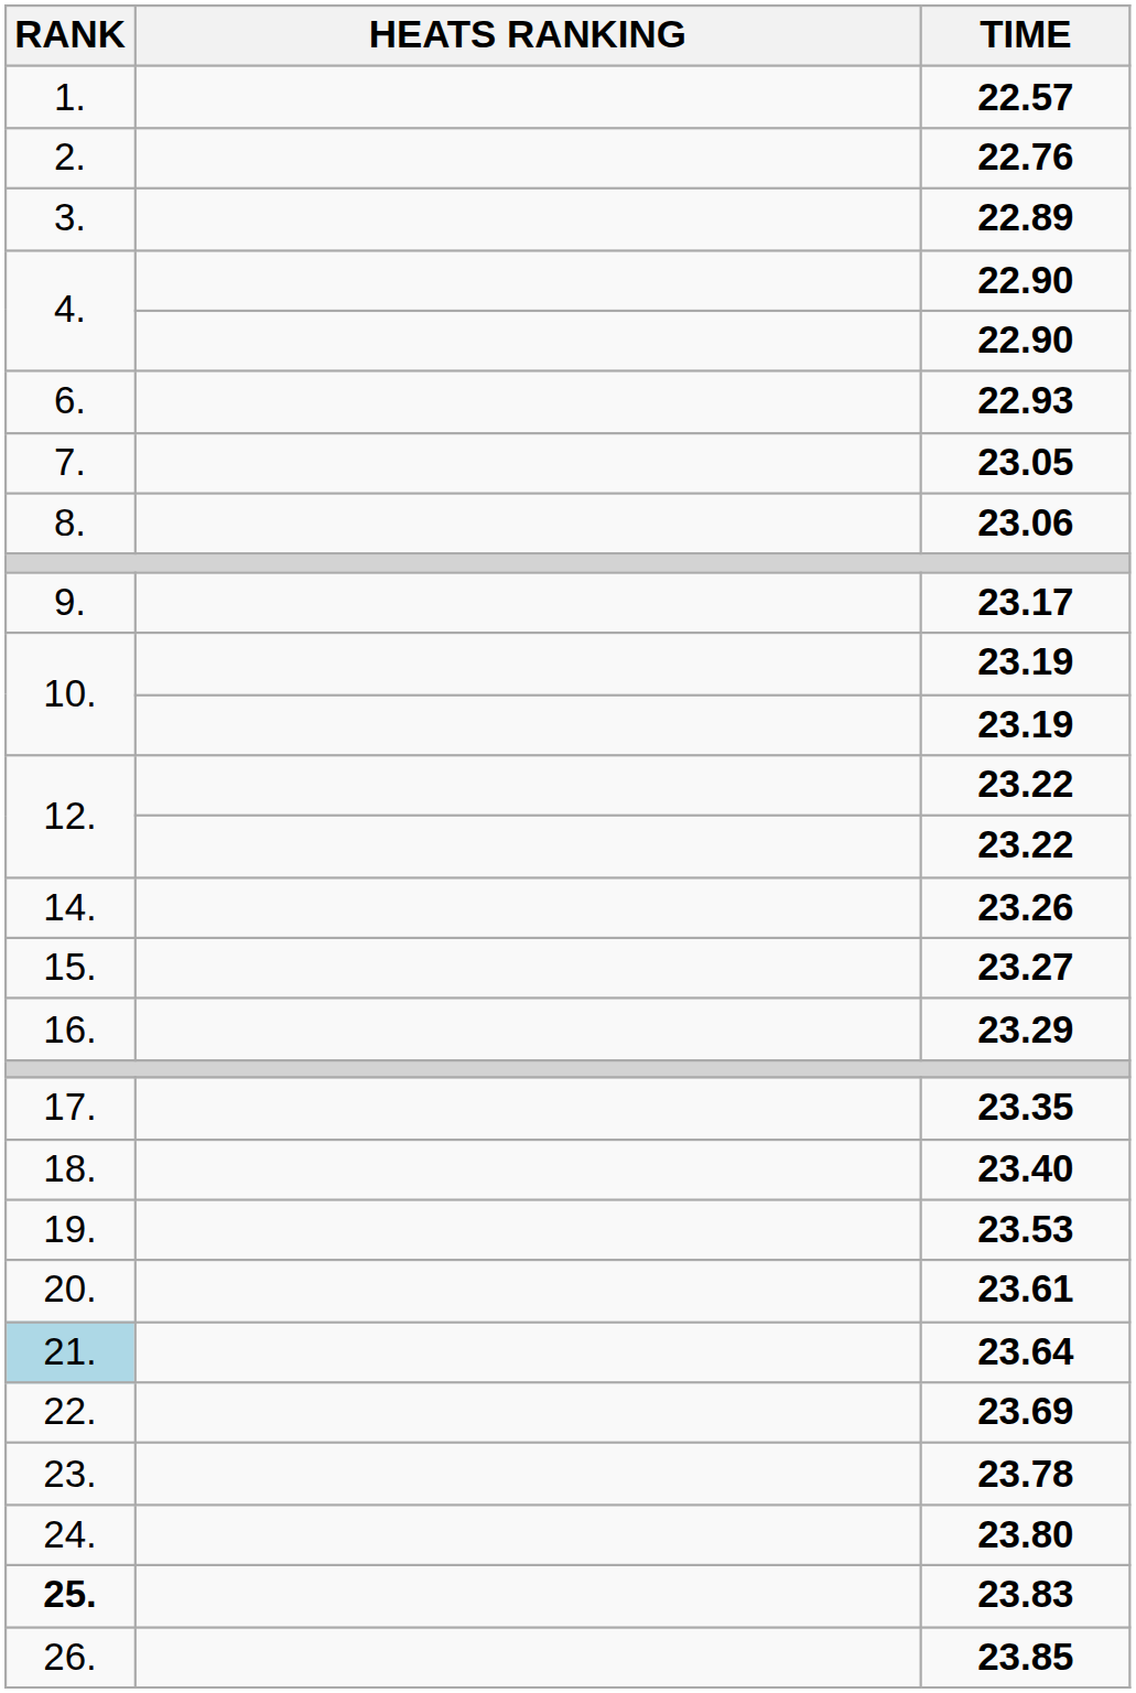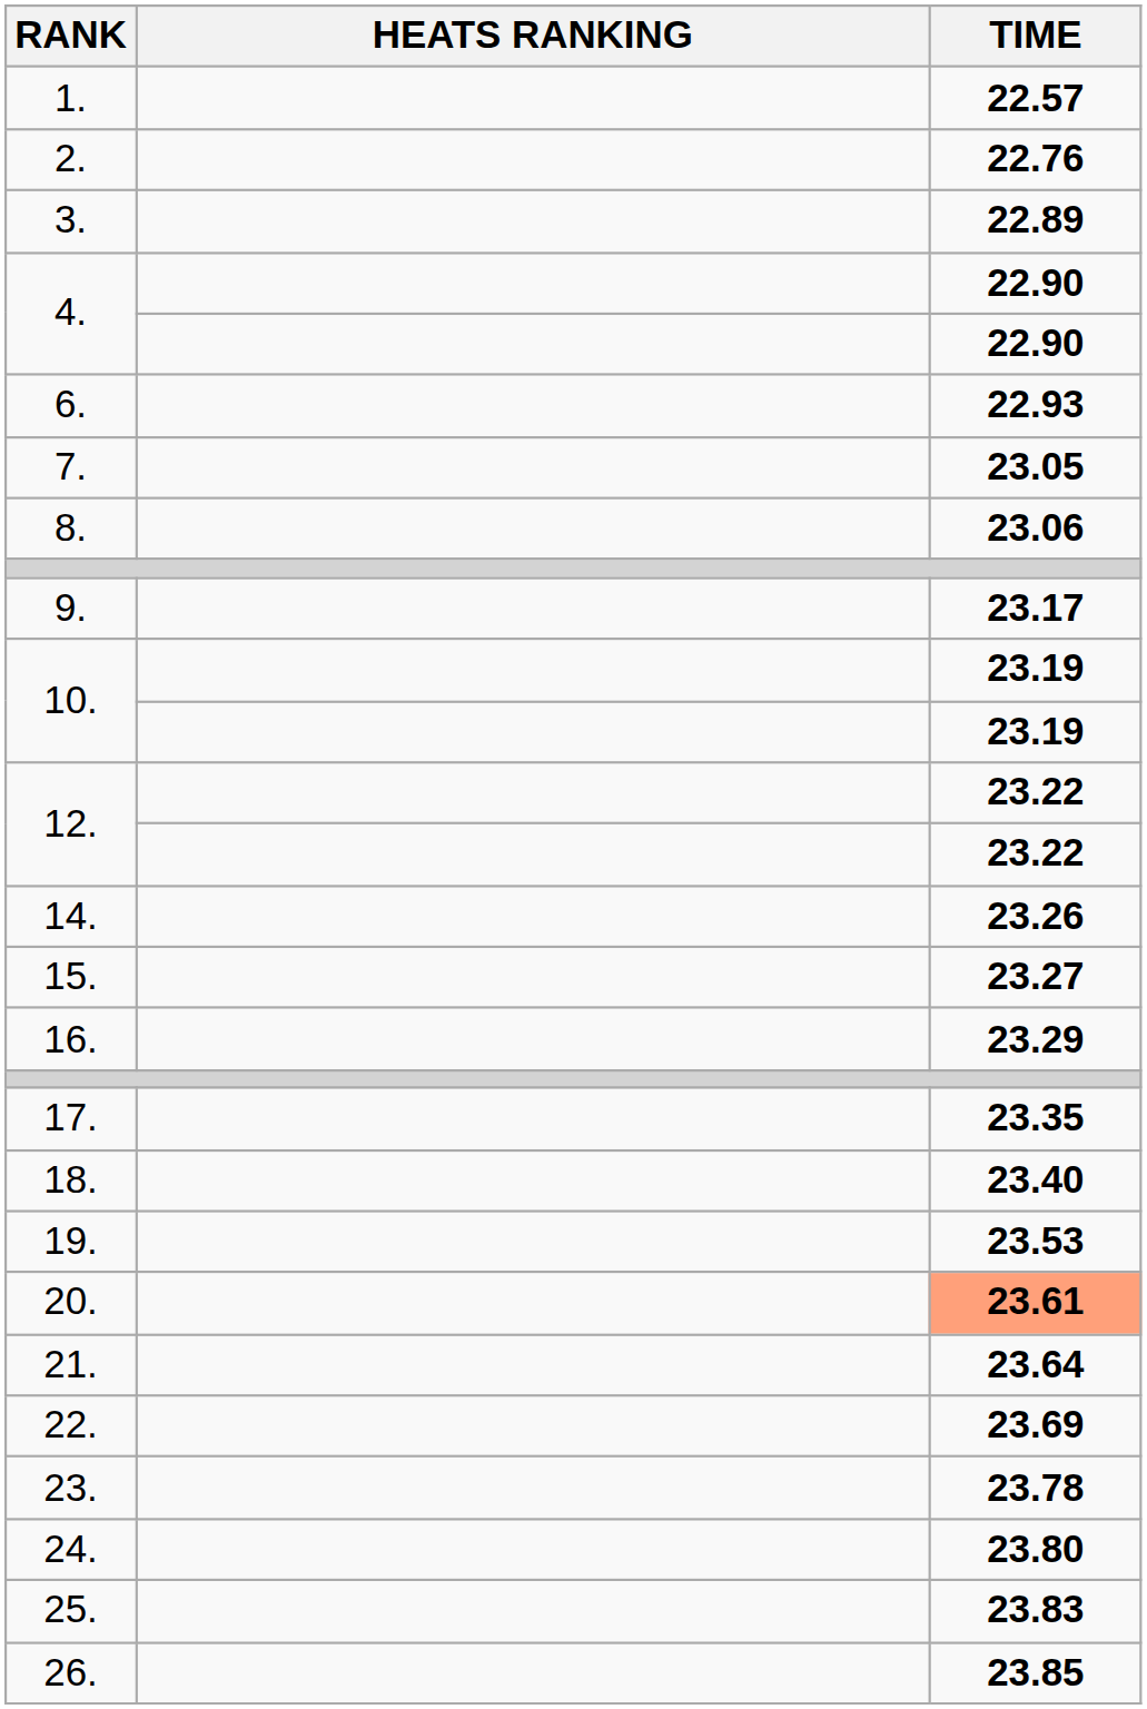 <table class="wikitable">
 <tr>
 <th>RANK</th>
 <th style="width: 20em">HEATS RANKING</th>
 <th style="width: 5em">TIME</th>
 </tr>
 <tr>
 <td align="center">1.</td>
 <td></td>
 <td align="center"><strong>22.57</strong></td>
 </tr>
 <tr>
 <td align="center">2.</td>
 <td></td>
 <td align="center"><strong>22.76</strong></td>
 </tr>
 <tr>
 <td align="center">3.</td>
 <td></td>
 <td align="center"><strong>22.89</strong></td>
 </tr>
 <tr>
 <td rowspan=2 align="center">4.</td>
 <td></td>
 <td align="center"><strong>22.90</strong></td>
 </tr>
 <tr>
 <td></td>
 <td align="center"><strong>22.90</strong></td>
 </tr>
 <tr>
 <td align="center">6.</td>
 <td></td>
 <td align="center"><strong>22.93</strong></td>
 </tr>
 <tr>
 <td align="center">7.</td>
 <td></td>
 <td align="center"><strong>23.05</strong></td>
 </tr>
 <tr>
 <td align="center">8.</td>
 <td></td>
 <td align="center"><strong>23.06</strong></td>
 </tr>
 <tr>
 <td colspan=3 bgcolor=lightgray></td>
 </tr>
 <tr>
 <td align="center">9.</td>
 <td></td>
 <td align="center"><strong>23.17</strong></td>
 </tr>
 <tr>
 <td rowspan=2 align="center">10.</td>
 <td></td>
 <td align="center"><strong>23.19</strong></td>
 </tr>
 <tr>
 <td></td>
 <td align="center"><strong>23.19</strong></td>
 </tr>
 <tr>
 <td rowspan=2 align="center">12.</td>
 <td></td>
 <td align="center"><strong>23.22</strong></td>
 </tr>
 <tr>
 <td></td>
 <td align="center"><strong>23.22</strong></td>
 </tr>
 <tr>
 <td align="center">14.</td>
 <td></td>
 <td align="center"><strong>23.26</strong></td>
 </tr>
 <tr>
 <td align="center">15.</td>
 <td></td>
 <td align="center"><strong>23.27</strong></td>
 </tr>
 <tr>
 <td align="center">16.</td>
 <td></td>
 <td align="center"><strong>23.29</strong></td>
 </tr>
 <tr>
 <td colspan=3 bgcolor=lightgray></td>
 </tr>
 <tr>
 <td align="center">17.</td>
 <td></td>
 <td align="center"><strong>23.35</strong></td>
 </tr>
 <tr>
 <td align="center">18.</td>
 <td></td>
 <td align="center"><strong>23.40</strong></td>
 </tr>
 <tr>
 <td align="center">19.</td>
 <td></td>
 <td align="center"><strong>23.53</strong></td>
 </tr>
 <tr>
 <td align="center">20.</td>
 <td></td>
-<td align="center"><strong>23.61</strong></td>
+<td align="center" style="background: lightsalmon;"><strong>23.61</strong></td>
 </tr>
 <tr>
-<td align="center" style="background: lightblue;">21.</td>
+<td align="center">21.</td>
 <td></td>
 <td align="center"><strong>23.64</strong></td>
 </tr>
 <tr>
 <td align="center">22.</td>
 <td></td>
 <td align="center"><strong>23.69</strong></td>
 </tr>
 <tr>
 <td align="center">23.</td>
 <td></td>
 <td align="center"><strong>23.78</strong></td>
 </tr>
 <tr>
 <td align="center">24.</td>
 <td></td>
 <td align="center"><strong>23.80</strong></td>
 </tr>
 <tr>
-<td align="center"><strong>25.</strong></td>
+<td align="center">25.</td>
 <td></td>
 <td align="center"><strong>23.83</strong></td>
 </tr>
 <tr>
 <td align="center">26.</td>
 <td></td>
 <td align="center"><strong>23.85</strong></td>
 </tr>
 </table>
